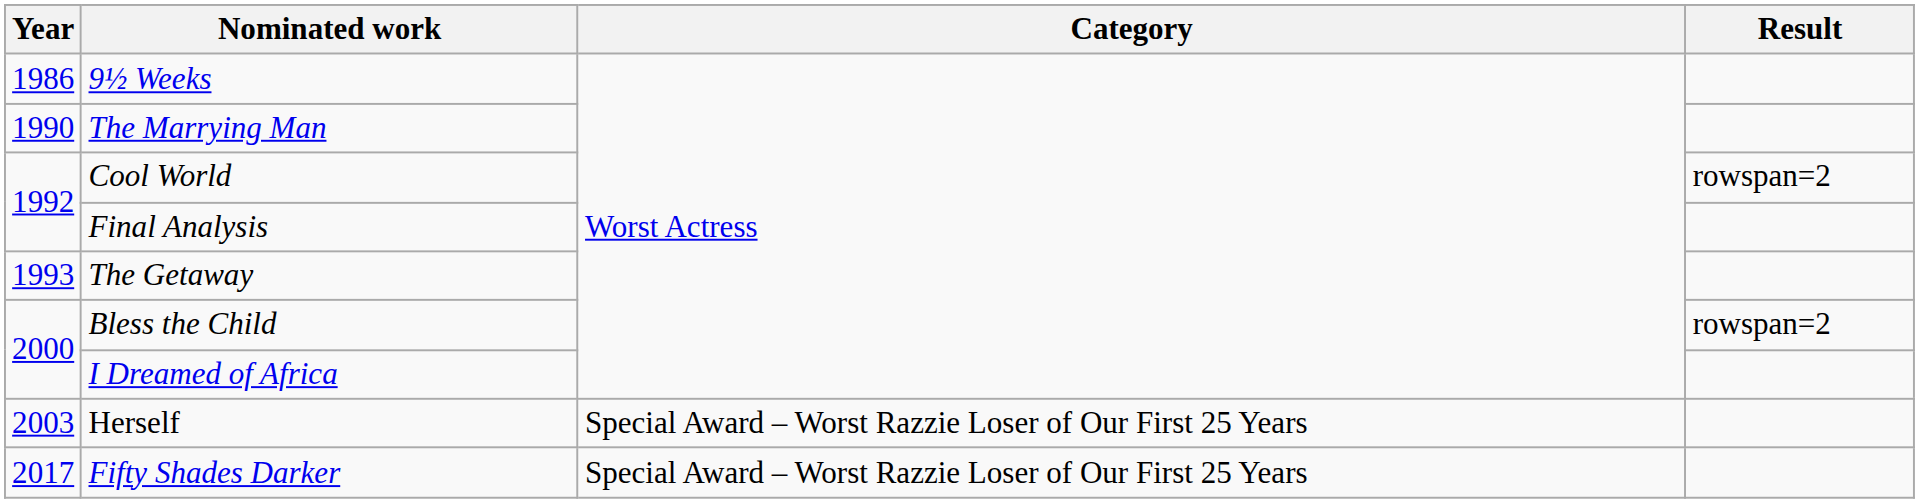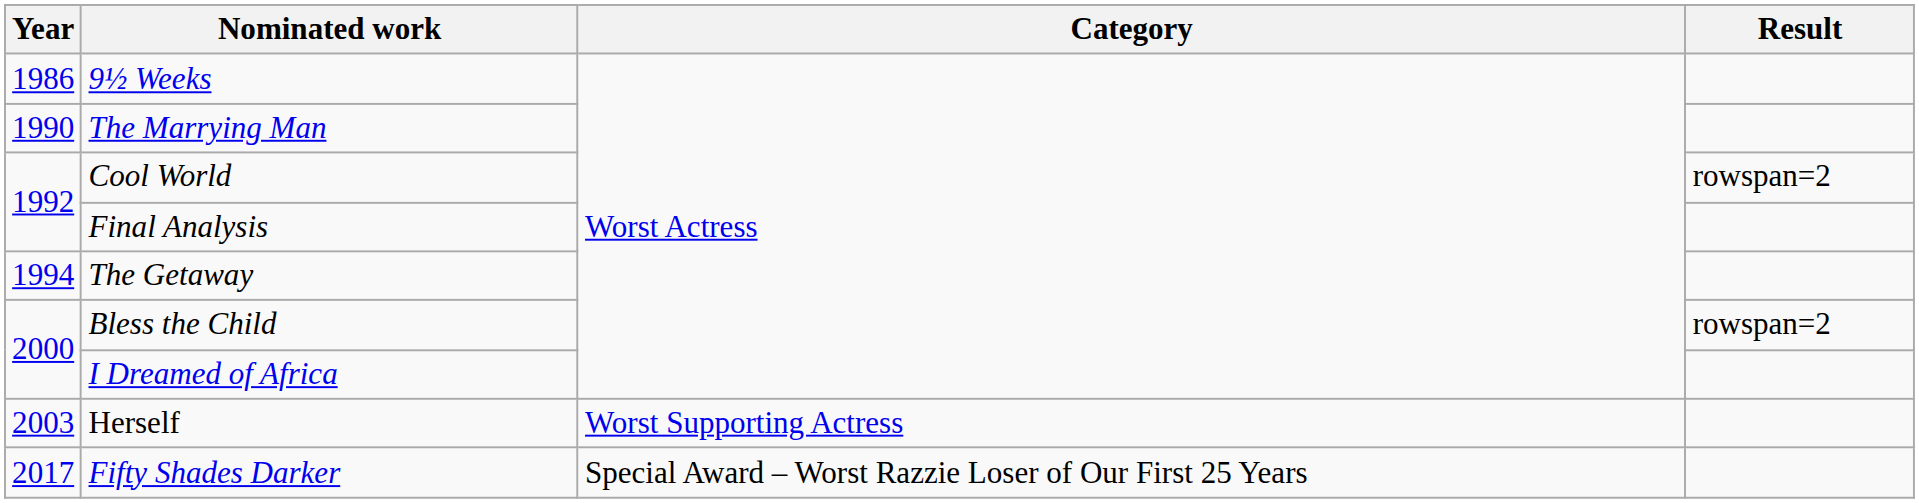 <table class=wikitable>
 <tr>
 <th width=4%>Year</th>
 <th width=26%>Nominated work</th>
 <th width=58%>Category</th>
 <th width=12%>Result</th>
 </tr>
 <tr>
 <td><a href='#'>1986</a></td>
 <td><em><a href='#'>9½ Weeks</a></em></td>
 <td rowspan=7><a href='#'>Worst Actress</a></td>
 <td></td>
 </tr>
 <tr>
 <td><a href='#'>1990</a></td>
 <td><em><a href='#'>The Marrying Man</a></em></td>
 <td></td>
 </tr>
 <tr>
 <td rowspan=2><a href='#'>1992</a></td>
 <td><em>Cool World</em></td>
 <td>rowspan=2 </td>
 </tr>
 <tr>
 <td><em>Final Analysis</em></td>
 </tr>
 <tr>
-<td><a href='#'>1993</a></td>
+<td><a href='#'>1994</a></td>
 <td><em>The Getaway</em></td>
 <td></td>
 </tr>
 <tr>
 <td rowspan=2><a href='#'>2000</a></td>
 <td><em>Bless the Child</em></td>
 <td>rowspan=2 </td>
 </tr>
 <tr>
 <td><em><a href='#'>I Dreamed of Africa</a></em></td>
 </tr>
 <tr>
 <td><a href='#'>2003</a></td>
 <td>Herself</td>
-<td>Special Award – Worst Razzie Loser of Our First 25 Years</td>
+<td><a href='#'>Worst Supporting Actress</a></td>
 <td></td>
 </tr>
 <tr>
 <td><a href='#'>2017</a></td>
 <td><em><a href='#'>Fifty Shades Darker</a></em></td>
 <td>Special Award – Worst Razzie Loser of Our First 25 Years</td>
 <td></td>
 </tr>
 </table>
